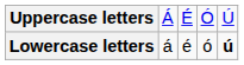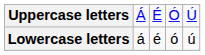 <table class="wikitable" style="text-align:center; table-layout:fixed">
 <tr>
 <th>Uppercase letters</th>
 <td><a href='#'>Á</a></td>
 <td><a href='#'>É</a></td>
 <td><a href='#'>Ó</a></td>
 <td><a href='#'>Ú</a></td>
 </tr>
 <tr>
 <th>Lowercase letters</th>
 <td>á</td>
 <td>é</td>
 <td>ó</td>
-<td><strong>ú</strong></td>
+<td>ú</td>
 </tr>
 </table>
